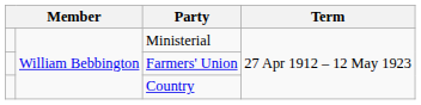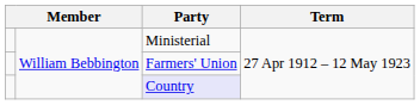 <table class="wikitable">
 <tr>
 <th colspan="2">Member</th>
 <th>Party</th>
 <th>Term</th>
 </tr>
 <tr>
 <td> </td>
 <td rowspan=3><a href='#'>William Bebbington</a></td>
 <td>Ministerial</td>
 <td rowspan=3>27 Apr 1912 – 12 May 1923</td>
 </tr>
 <tr>
 <td> </td>
 <td><a href='#'>Farmers' Union</a></td>
 </tr>
 <tr>
 <td> </td>
-<td><a href='#'>Country</a></td>
+<td style="background: lavender;"><a href='#'>Country</a></td>
 </tr>
 </table>
